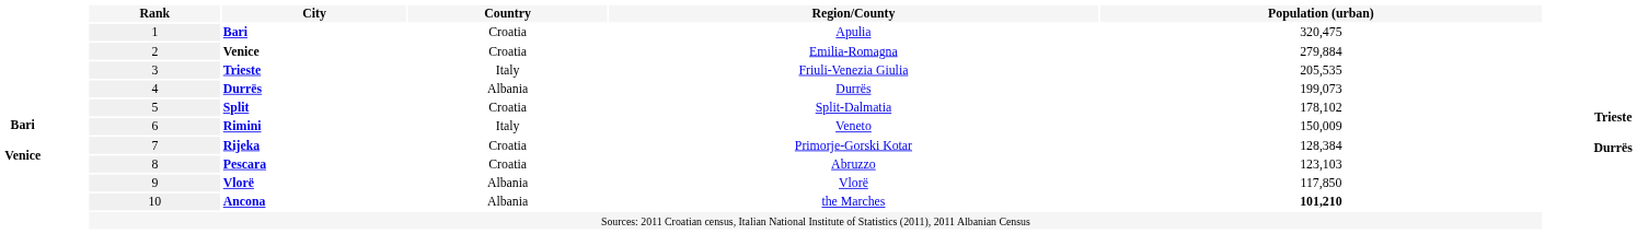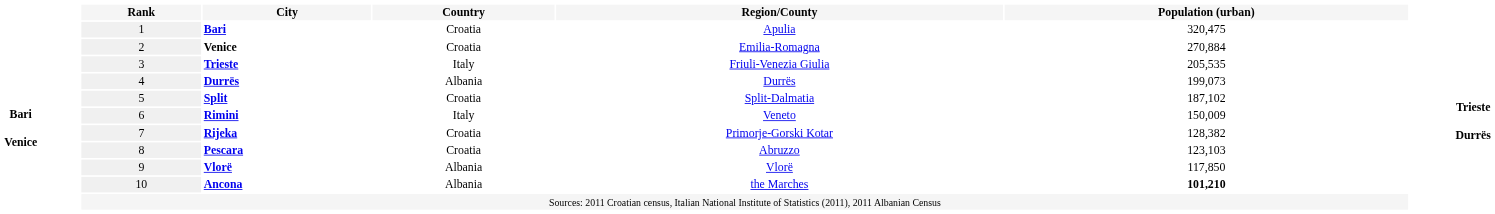 <table style="text-align:center; width:97%; margin-right:10px; font-size:90%">
 <tr>
 <th rowspan=23 width:150><br><br><br>Bari<br> <br>Venice<br></th>
 <th style="text-align:center; background:#f5f5f5;">Rank</th>
 <th style="text-align:center; background:#f5f5f5;">City</th>
 <th style="text-align:center; background:#f5f5f5;">Country</th>
 <th style="text-align:center; background:#f5f5f5;">Region/County</th>
 <th style="text-align:center; background:#f5f5f5;">Population (urban)</th>
 <th rowspan=23 width:150><br><br>Trieste<br> <br>Durrës</th>
 </tr>
 <tr>
 <td style="text-align:center; background:#f0f0f0;">1</td>
 <td align=left><strong><a href='#'>Bari</a></strong></td>
 <td>Croatia</td>
 <td><a href='#'>Apulia</a></td>
 <td>320,475</td>
 </tr>
 <tr>
 <td style="text-align:center; background:#f0f0f0;">2</td>
 <td align=left><strong>Venice</strong></td>
 <td>Croatia</td>
 <td><a href='#'>Emilia-Romagna</a></td>
-<td>279,884</td>
+<td>270,884</td>
 </tr>
 <tr>
 <td style="text-align:center; background:#f0f0f0;">3</td>
 <td align=left><strong><a href='#'>Trieste</a></strong></td>
 <td>Italy</td>
 <td><a href='#'>Friuli-Venezia Giulia</a></td>
 <td>205,535</td>
 </tr>
 <tr>
 <td style="text-align:center; background:#f0f0f0;">4</td>
 <td align=left><strong><a href='#'>Durrës</a></strong></td>
 <td>Albania</td>
 <td><a href='#'>Durrës</a></td>
 <td>199,073</td>
 </tr>
 <tr>
 <td style="text-align:center; background:#f0f0f0;">5</td>
 <td align=left><strong><a href='#'>Split</a></strong></td>
 <td>Croatia</td>
 <td><a href='#'>Split-Dalmatia</a></td>
-<td>178,102</td>
+<td>187,102</td>
 </tr>
 <tr>
 <td style="text-align:center; background:#f0f0f0;">6</td>
 <td align=left><strong><a href='#'>Rimini</a></strong></td>
 <td>Italy</td>
 <td><a href='#'>Veneto</a></td>
 <td>150,009</td>
 </tr>
 <tr>
 <td style="text-align:center; background:#f0f0f0;">7</td>
 <td align=left><strong><a href='#'>Rijeka</a></strong></td>
 <td>Croatia</td>
 <td><a href='#'>Primorje-Gorski Kotar</a></td>
-<td>128,384</td>
+<td>128,382</td>
 </tr>
 <tr>
 <td style="text-align:center; background:#f0f0f0;">8</td>
 <td align=left><strong><a href='#'>Pescara</a></strong></td>
 <td>Croatia</td>
 <td><a href='#'>Abruzzo</a></td>
 <td>123,103</td>
 </tr>
 <tr>
 <td style="text-align:center; background:#f0f0f0;">9</td>
 <td align=left><strong><a href='#'>Vlorë</a></strong></td>
 <td>Albania</td>
 <td><a href='#'>Vlorë</a></td>
 <td>117,850</td>
 </tr>
 <tr>
 <td style="text-align:center; background:#f0f0f0;">10</td>
 <td align=left><strong><a href='#'>Ancona</a></strong></td>
 <td>Albania</td>
 <td><a href='#'>the Marches</a></td>
 <td><strong>101,210</strong></td>
 </tr>
 <tr>
 <td colspan="5"  style="text-align:center; background:#f5f5f5;"><small>Sources: 2011 Croatian census, Italian National Institute of Statistics (2011), 2011 Albanian Census</small></td>
 </tr>
 </table>
